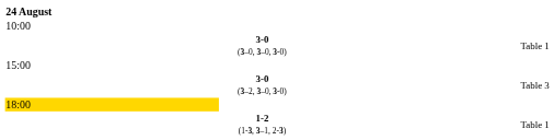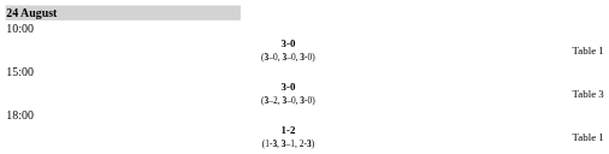 <table style="width:100%;" cellspacing="1">
 <tr>
 <th width=25%></th>
 <th width=10%></th>
 <th width=25%></th>
 </tr>
 <tr>
-<td><strong>24 August</strong></td>
+<td style="background: lightgrey;"><strong>24 August</strong></td>
 </tr>
 <tr>
 <td>10:00</td>
 </tr>
 <tr style=font-size:90%>
 <td align=right><strong><br></strong></td>
 <td align=center><strong> 3-0 </strong><br><small>(<strong>3</strong>–0, <strong>3</strong>–0, <strong>3</strong>-0)</small></td>
 <td><br></td>
 <td>Table 1</td>
 </tr>
 <tr>
 <td>15:00</td>
 </tr>
 <tr style=font-size:90%>
 <td align=right><strong><br></strong></td>
 <td align=center><strong> 3-0 </strong><br><small>(<strong>3</strong>–2, <strong>3</strong>–0, <strong>3</strong>-0)</small></td>
 <td><br></td>
 <td>Table 3</td>
 </tr>
 <tr>
-<td style="background: gold;">18:00</td>
+<td>18:00</td>
 </tr>
 <tr style=font-size:90%>
 <td align=right><br></td>
 <td align=center><strong> 1-2 </strong><br><small>(1-<strong>3</strong>, <strong>3</strong>–1, 2-<strong>3</strong>)</small></td>
 <td><strong><br></strong></td>
 <td>Table 1</td>
 </tr>
 </table>
